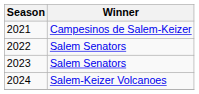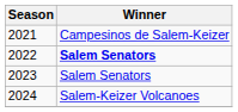 <table class="wikitable">
 <tr>
 <th>Season</th>
 <th>Winner</th>
 </tr>
 <tr>
 <td>2021</td>
 <td><a href='#'>Campesinos de Salem-Keizer</a></td>
 </tr>
 <tr>
 <td>2022</td>
-<td><a href='#'>Salem Senators</a></td>
+<td><strong><a href='#'>Salem Senators</a></strong></td>
 </tr>
 <tr>
 <td>2023</td>
 <td><a href='#'>Salem Senators</a></td>
 </tr>
 <tr>
 <td>2024</td>
 <td><a href='#'>Salem-Keizer Volcanoes</a></td>
 </tr>
 <tr>
 </tr>
 </table>
